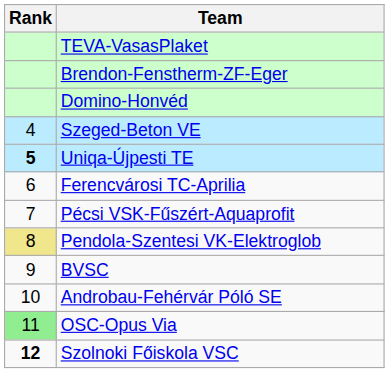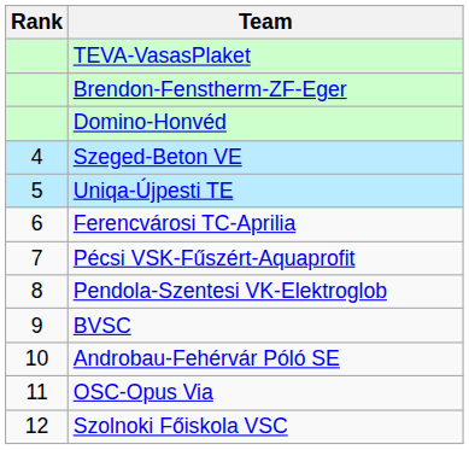 <table class="wikitable">
 <tr>
 <th width=40>Rank</th>
 <th width=290>Team</th>
 </tr>
 <tr bgcolor=#ccffcc>
 <td align="center"></td>
 <td align="left"> <a href='#'>TEVA-VasasPlaket</a></td>
 </tr>
 <tr bgcolor=#ccffcc>
 <td align="center"></td>
 <td align="left"> <a href='#'>Brendon-Fenstherm-ZF-Eger</a></td>
 </tr>
 <tr bgcolor=#ccffcc>
 <td align="center"></td>
 <td align="left"> <a href='#'>Domino-Honvéd</a></td>
 </tr>
 <tr bgcolor=#bbebff>
 <td align="center">4</td>
 <td align="left"> <a href='#'>Szeged-Beton VE</a></td>
 </tr>
 <tr bgcolor=#bbebff>
-<td align="center"><strong>5</strong></td>
+<td align="center">5</td>
 <td align="left"> <a href='#'>Uniqa-Újpesti TE</a></td>
 </tr>
 <tr>
 <td align="center">6</td>
 <td align="left"> <a href='#'>Ferencvárosi TC-Aprilia</a></td>
 </tr>
 <tr>
 <td align="center">7</td>
 <td align="left"> <a href='#'>Pécsi VSK-Fűszért-Aquaprofit</a></td>
 </tr>
 <tr>
-<td align="center" style="background: khaki;">8</td>
+<td align="center">8</td>
 <td align="left"> <a href='#'>Pendola-Szentesi VK-Elektroglob</a></td>
 </tr>
 <tr>
 <td align="center">9</td>
 <td align="left"> <a href='#'>BVSC</a></td>
 </tr>
 <tr>
 <td align="center">10</td>
 <td align="left"> <a href='#'>Androbau-Fehérvár Póló SE</a></td>
 </tr>
 <tr>
-<td align="center" style="background: lightgreen;">11</td>
+<td align="center">11</td>
 <td align="left"> <a href='#'>OSC-Opus Via</a></td>
 </tr>
 <tr>
-<td align="center"><strong>12</strong></td>
+<td align="center">12</td>
 <td align="left"> <a href='#'>Szolnoki Főiskola VSC</a></td>
 </tr>
 </table>
